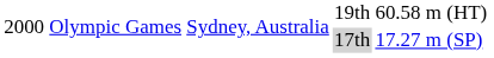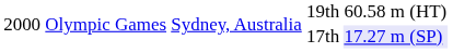 <table>
 <tr>
 <td rowspan=2>2000</td>
 <td rowspan=2><a href='#'>Olympic Games</a></td>
 <td rowspan=2><a href='#'>Sydney, Australia</a></td>
 <td>19th</td>
 <td>60.58 m (HT)</td>
 </tr>
 <tr>
-<td style="background: lightgrey;">17th</td>
-<td><a href='#'>17.27 m (SP)</a></td>
+<td>17th</td>
+<td style="background: lavender;"><a href='#'>17.27 m (SP)</a></td>
 </tr>
 </table>
